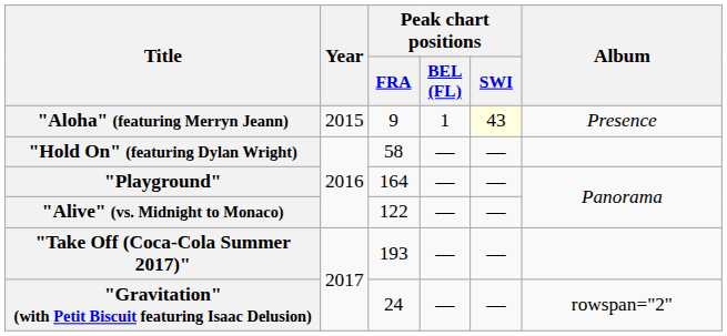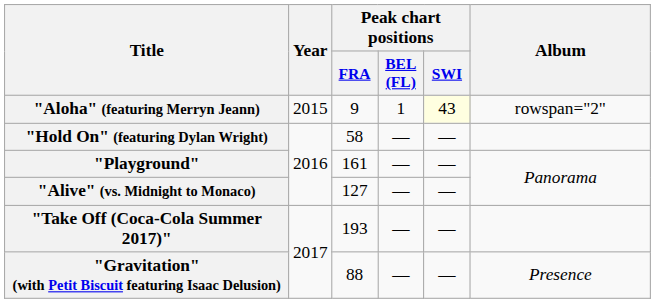 <table class="wikitable plainrowheaders" style="text-align:center;">
 <tr>
 <th scope="col" rowspan="2" style="width:16em;">Title</th>
 <th scope="col" rowspan="2" style="width:1em;">Year</th>
 <th scope="col" colspan="3">Peak chart positions</th>
 <th scope="col" rowspan="2" style="width:10em;">Album</th>
 </tr>
 <tr>
 <th scope="col" style="width:2.5em;font-size:90%;"><a href='#'>FRA</a><br></th>
 <th scope="col" style="width:2.5em;font-size:90%;"><a href='#'>BEL<br>(FL)</a><br></th>
 <th scope="col" style="width:2.5em;font-size:90%;"><a href='#'>SWI</a><br></th>
 </tr>
 <tr>
 <th scope="row">"Aloha" <small> (featuring Merryn Jeann)</small></th>
 <td>2015</td>
 <td>9</td>
 <td>1</td>
 <td style="background: lightyellow;">43</td>
-<td><em>Presence</em></td>
+<td>rowspan="2" </td>
 </tr>
 <tr>
 <th scope="row">"Hold On" <small> (featuring Dylan Wright)</small></th>
 <td rowspan="3">2016</td>
 <td>58</td>
 <td>—</td>
 <td>—</td>
 </tr>
 <tr>
 <th scope="row">"Playground"</th>
-<td>164</td>
+<td>161</td>
 <td>—</td>
 <td>—</td>
 <td rowspan="2"><em>Panorama</em></td>
 </tr>
 <tr>
 <th scope="row">"Alive" <small>(vs. Midnight to Monaco)</small></th>
-<td>122</td>
+<td>127</td>
 <td>—</td>
 <td>—</td>
 </tr>
 <tr>
 <th scope="row">"Take Off (Coca-Cola Summer 2017)"</th>
 <td rowspan="2">2017</td>
 <td>193<br></td>
 <td>—</td>
 <td>—</td>
 <td></td>
 </tr>
 <tr>
 <th scope="row">"Gravitation" <br><small>(with <a href='#'>Petit Biscuit</a> featuring Isaac Delusion)</small></th>
-<td>24<br></td>
+<td>88<br></td>
 <td>—</td>
 <td>—</td>
-<td>rowspan="2" </td>
+<td><em>Presence</em></td>
 </tr>
 </table>
